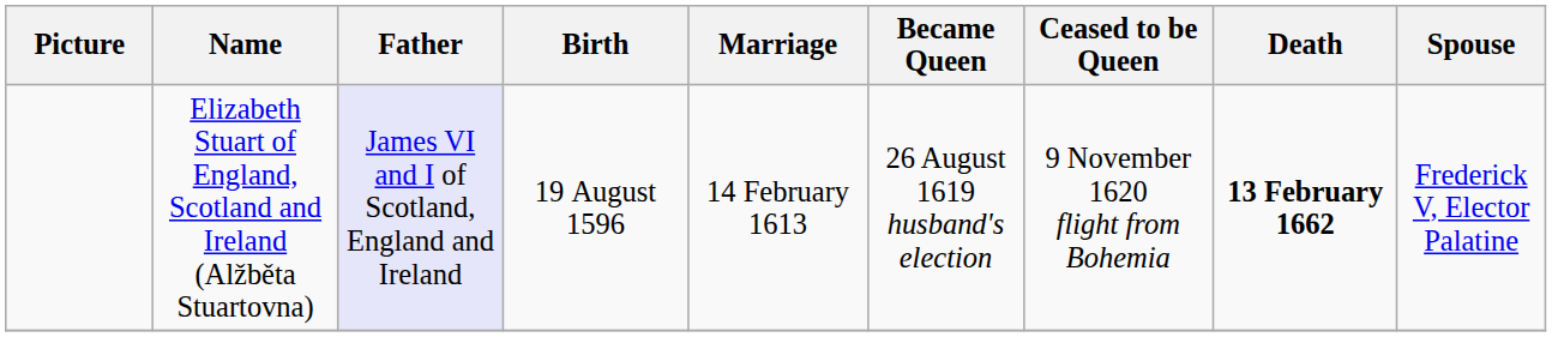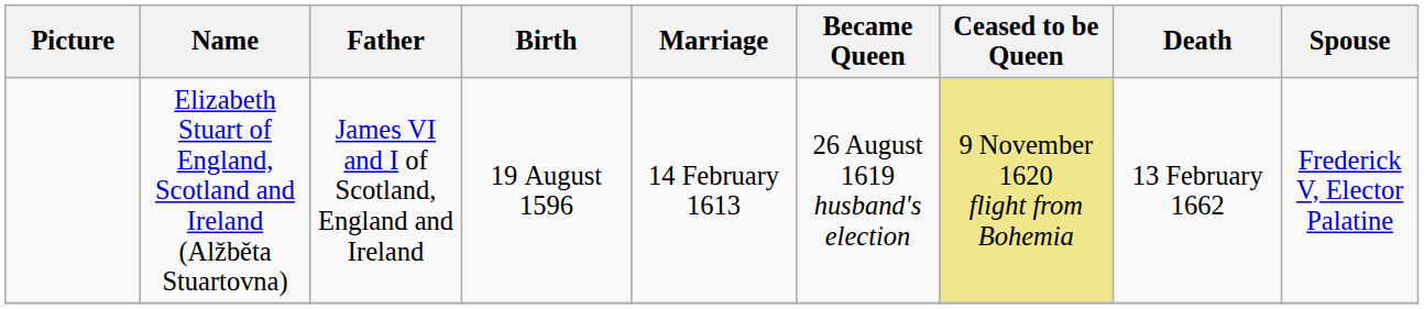 <table width=95% class="wikitable">
 <tr>
 <th width = "8%">Picture</th>
 <th width = "10%">Name</th>
 <th width = "9%">Father</th>
 <th width = "10%">Birth</th>
 <th width = "8%">Marriage</th>
 <th width = "8%">Became Queen</th>
 <th width = "10%">Ceased to be Queen</th>
 <th width = "10%">Death</th>
 <th width = "7%">Spouse</th>
 </tr>
 <tr>
 <td align=center></td>
 <td align="center"><a href='#'>Elizabeth Stuart of England, Scotland and Ireland</a><br>(Alžběta Stuartovna)</td>
-<td align="center" style="background: lavender;"><a href='#'>James VI and I</a> of Scotland, England and Ireland</td>
+<td align="center"><a href='#'>James VI and I</a> of Scotland, England and Ireland</td>
 <td align="center">19 August 1596</td>
 <td align="center">14 February 1613</td>
 <td align="center">26 August 1619<br><em>husband's election</em></td>
-<td align=center>9 November 1620<br><em>flight from Bohemia</em></td>
-<td align="center"><strong>13 February 1662</strong></td>
+<td align=center style="background: khaki;">9 November 1620<br><em>flight from Bohemia</em></td>
+<td align="center">13 February 1662</td>
 <td align="center"><a href='#'>Frederick V, Elector Palatine</a></td>
 </tr>
 <tr>
 </tr>
 </table>
